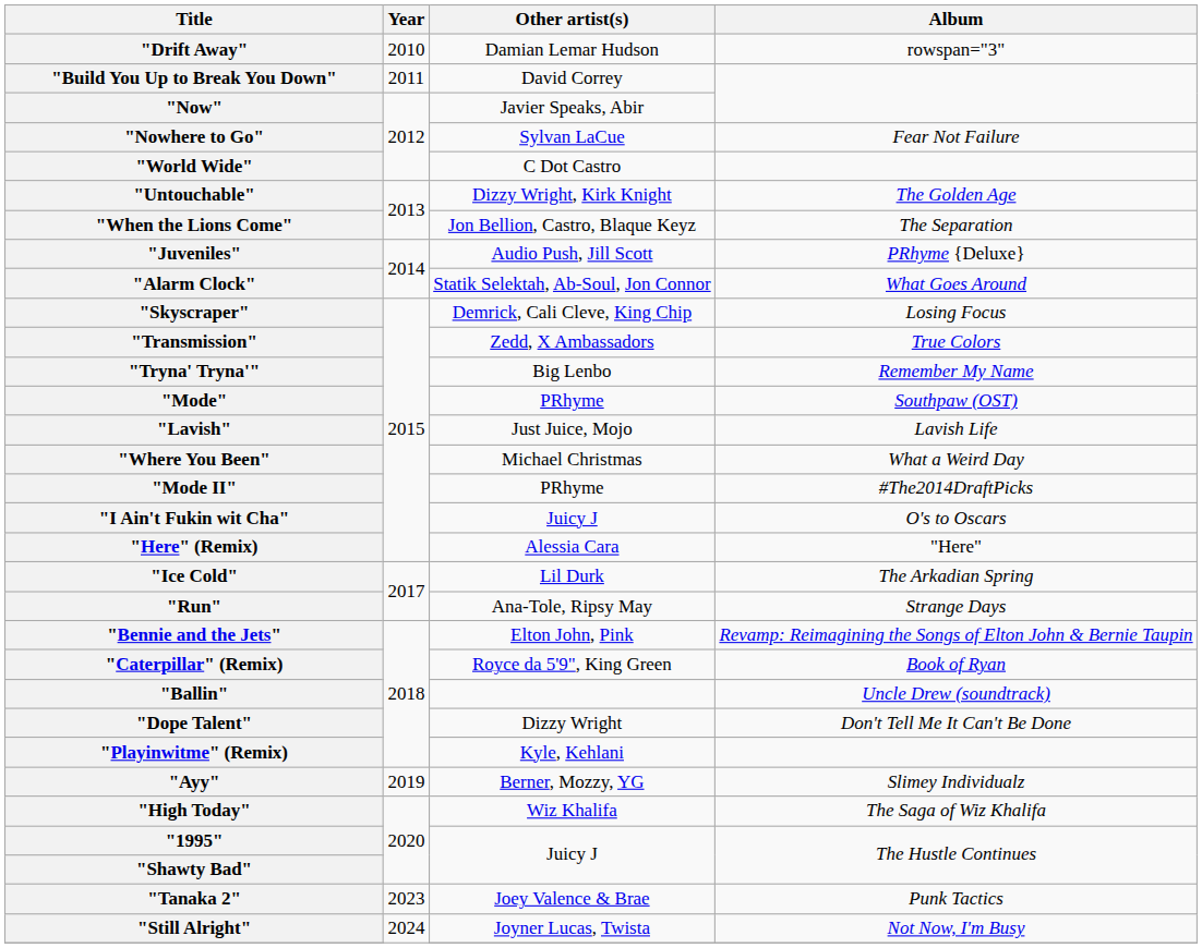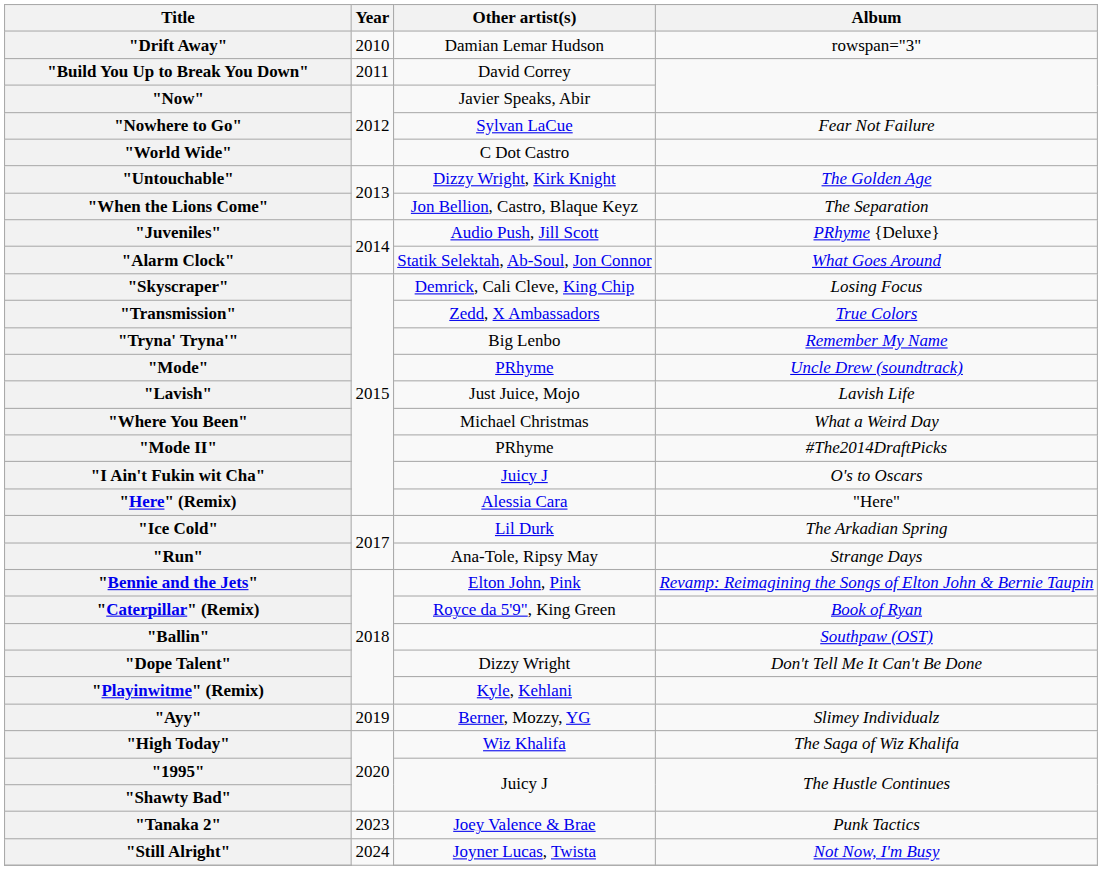 <table class="wikitable plainrowheaders" style="text-align:center;">
 <tr>
 <th scope="col" style="width:20em;">Title</th>
 <th scope="col">Year</th>
 <th scope="col">Other artist(s)</th>
 <th scope="col">Album</th>
 </tr>
 <tr>
 <th scope="row">"Drift Away"</th>
 <td>2010</td>
 <td>Damian Lemar Hudson</td>
 <td>rowspan="3" </td>
 </tr>
 <tr>
 <th scope="row">"Build You Up to Break You Down"</th>
 <td>2011</td>
 <td>David Correy</td>
 </tr>
 <tr>
 <th scope="row">"Now"</th>
 <td rowspan="3">2012</td>
 <td>Javier Speaks, Abir</td>
 </tr>
 <tr>
 <th scope="row">"Nowhere to Go"</th>
 <td><a href='#'>Sylvan LaCue</a></td>
 <td><em>Fear Not Failure</em></td>
 </tr>
 <tr>
 <th scope="row">"World Wide"</th>
 <td>C Dot Castro</td>
 <td></td>
 </tr>
 <tr>
 <th scope="row">"Untouchable"</th>
 <td rowspan="2">2013</td>
 <td><a href='#'>Dizzy Wright</a>, <a href='#'>Kirk Knight</a></td>
 <td><em><a href='#'>The Golden Age</a></em></td>
 </tr>
 <tr>
 <th scope="row">"When the Lions Come"</th>
 <td><a href='#'>Jon Bellion</a>, Castro, Blaque Keyz</td>
 <td><em>The Separation</em></td>
 </tr>
 <tr>
 <th scope="row">"Juveniles"</th>
 <td rowspan="2">2014</td>
 <td><a href='#'>Audio Push</a>, <a href='#'>Jill Scott</a></td>
 <td><em><a href='#'>PRhyme</a></em> {Deluxe}</td>
 </tr>
 <tr>
 <th scope="row">"Alarm Clock"</th>
 <td><a href='#'>Statik Selektah</a>, <a href='#'>Ab-Soul</a>, <a href='#'>Jon Connor</a></td>
 <td><em><a href='#'>What Goes Around</a></em></td>
 </tr>
 <tr>
 <th scope="row">"Skyscraper"</th>
 <td rowspan="9">2015</td>
 <td><a href='#'>Demrick</a>, Cali Cleve, <a href='#'>King Chip</a></td>
 <td><em>Losing Focus</em></td>
 </tr>
 <tr>
 <th scope="row">"Transmission"</th>
 <td><a href='#'>Zedd</a>, <a href='#'>X Ambassadors</a></td>
 <td><em><a href='#'>True Colors</a></em></td>
 </tr>
 <tr>
 <th scope="row">"Tryna' Tryna'"</th>
 <td>Big Lenbo</td>
 <td><em><a href='#'>Remember My Name</a></em></td>
 </tr>
 <tr>
 <th scope="row">"Mode"</th>
 <td><a href='#'>PRhyme</a></td>
-<td><em><a href='#'>Southpaw (OST)</a></em></td>
+<td><em><a href='#'>Uncle Drew (soundtrack)</a></em></td>
 </tr>
 <tr>
 <th scope="row">"Lavish"</th>
 <td>Just Juice, Mojo</td>
 <td><em>Lavish Life</em></td>
 </tr>
 <tr>
 <th scope="row">"Where You Been"</th>
 <td>Michael Christmas</td>
 <td><em>What a Weird Day</em></td>
 </tr>
 <tr>
 <th scope="row">"Mode II"</th>
 <td>PRhyme</td>
 <td><em>#The2014DraftPicks</em></td>
 </tr>
 <tr>
 <th scope="row">"I Ain't Fukin wit Cha"</th>
 <td><a href='#'>Juicy J</a></td>
 <td><em>O's to Oscars</em></td>
 </tr>
 <tr>
 <th scope="row">"<a href='#'>Here</a>" (Remix)</th>
 <td><a href='#'>Alessia Cara</a></td>
 <td>"Here"</td>
 </tr>
 <tr>
 <th scope="row">"Ice Cold"</th>
 <td rowspan="2">2017</td>
 <td><a href='#'>Lil Durk</a></td>
 <td><em>The Arkadian Spring</em></td>
 </tr>
 <tr>
 <th scope="row">"Run"</th>
 <td>Ana-Tole, Ripsy May</td>
 <td><em>Strange Days</em></td>
 </tr>
 <tr>
 <th scope="row">"<a href='#'>Bennie and the Jets</a>"</th>
 <td rowspan="5">2018</td>
 <td><a href='#'>Elton John</a>, <a href='#'>Pink</a></td>
 <td><em><a href='#'>Revamp: Reimagining the Songs of Elton John & Bernie Taupin</a></em></td>
 </tr>
 <tr>
 <th scope="row">"<a href='#'>Caterpillar</a>" (Remix)</th>
 <td><a href='#'>Royce da 5'9"</a>, King Green</td>
 <td><em><a href='#'>Book of Ryan</a></em></td>
 </tr>
 <tr>
 <th scope="row">"Ballin"</th>
 <td></td>
-<td><em><a href='#'>Uncle Drew (soundtrack)</a></em></td>
+<td><em><a href='#'>Southpaw (OST)</a></em></td>
 </tr>
 <tr>
 <th scope="row">"Dope Talent"</th>
 <td>Dizzy Wright</td>
 <td><em>Don't Tell Me It Can't Be Done</em></td>
 </tr>
 <tr>
 <th scope="row">"<a href='#'>Playinwitme</a>" (Remix)</th>
 <td><a href='#'>Kyle</a>, <a href='#'>Kehlani</a></td>
 <td></td>
 </tr>
 <tr>
 <th scope="row">"Ayy"</th>
 <td>2019</td>
 <td><a href='#'>Berner</a>, Mozzy, <a href='#'>YG</a></td>
 <td><em>Slimey Individualz</em></td>
 </tr>
 <tr>
 <th scope="row">"High Today"</th>
 <td rowspan="3">2020</td>
 <td><a href='#'>Wiz Khalifa</a></td>
 <td><em>The Saga of Wiz Khalifa</em></td>
 </tr>
 <tr>
 <th scope="row">"1995"</th>
 <td rowspan="2">Juicy J</td>
 <td rowspan="2"><em>The Hustle Continues</em></td>
 </tr>
 <tr>
 <th scope="row">"Shawty Bad"</th>
 </tr>
 <tr>
 <th scope="row">"Tanaka 2"</th>
 <td>2023</td>
 <td><a href='#'>Joey Valence & Brae</a></td>
 <td><em>Punk Tactics</em></td>
 </tr>
 <tr>
 <th scope="row">"Still Alright"</th>
 <td rowspan="2">2024</td>
 <td><a href='#'>Joyner Lucas</a>, <a href='#'>Twista</a></td>
 <td><em><a href='#'>Not Now, I'm Busy</a></em></td>
 </tr>
 <tr>
 </tr>
 </table>
